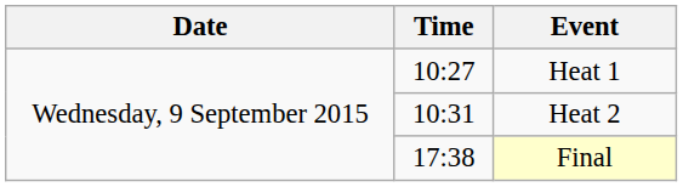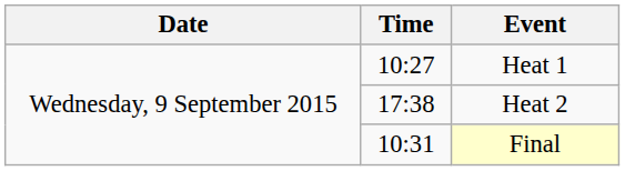 <table class = "wikitable" style="text-align:center;">
 <tr>
 <th width=220>Date</th>
 <th width=50>Time</th>
 <th width=100>Event</th>
 </tr>
 <tr>
 <td rowspan=3>Wednesday, 9 September 2015</td>
 <td>10:27</td>
 <td>Heat 1</td>
 </tr>
 <tr>
-<td>10:31</td>
+<td>17:38</td>
 <td>Heat 2</td>
 </tr>
 <tr>
-<td>17:38</td>
+<td>10:31</td>
 <td bgcolor=ffffcc>Final</td>
 </tr>
 </table>
